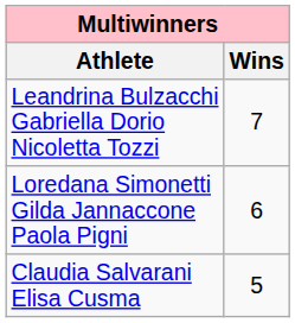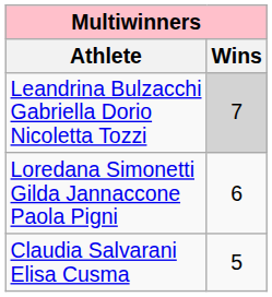 <table class="wikitable" style="margin-left: auto; margin-right: auto; border: none; font-size:90%; text-align:left">
 <tr>
 <td bgcolor=pink align=center colspan=2><strong>Multiwinners</strong></td>
 </tr>
 <tr>
 <th>Athlete</th>
 <th>Wins</th>
 </tr>
 <tr>
 <td><a href='#'>Leandrina Bulzacchi</a><br><a href='#'>Gabriella Dorio</a><br><a href='#'>Nicoletta Tozzi</a></td>
-<td align=center>7</td>
+<td align=center style="background: lightgrey;">7</td>
 </tr>
 <tr>
 <td><a href='#'>Loredana Simonetti</a><br><a href='#'>Gilda Jannaccone</a><br><a href='#'>Paola Pigni</a></td>
 <td align=center>6</td>
 </tr>
 <tr>
 <td><a href='#'>Claudia Salvarani</a><br><a href='#'>Elisa Cusma</a></td>
 <td align=center>5</td>
 </tr>
 </table>
